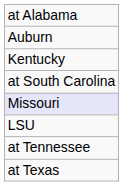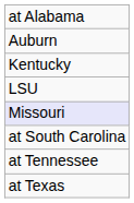 <table class="wikitable">
 <tr>
 <td>at Alabama</td>
 </tr>
 <tr>
 <td>Auburn</td>
 </tr>
 <tr>
 <td>Kentucky</td>
 </tr>
 <tr>
-<td>at South Carolina</td>
+<td>LSU</td>
 </tr>
 <tr>
 <td style="background: lavender;">Missouri</td>
 </tr>
 <tr>
-<td>LSU</td>
+<td>at South Carolina</td>
 </tr>
 <tr>
 <td>at Tennessee</td>
 </tr>
 <tr>
 <td>at Texas</td>
 </tr>
 </table>
